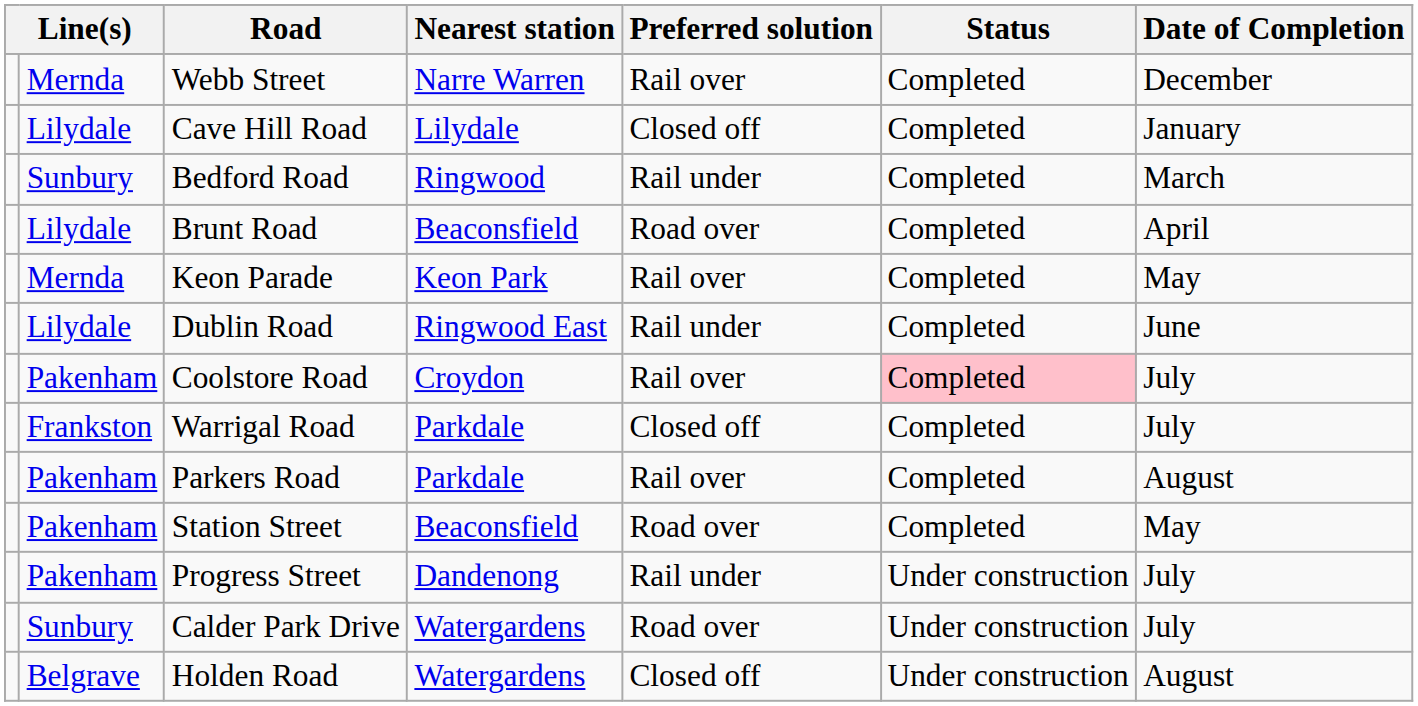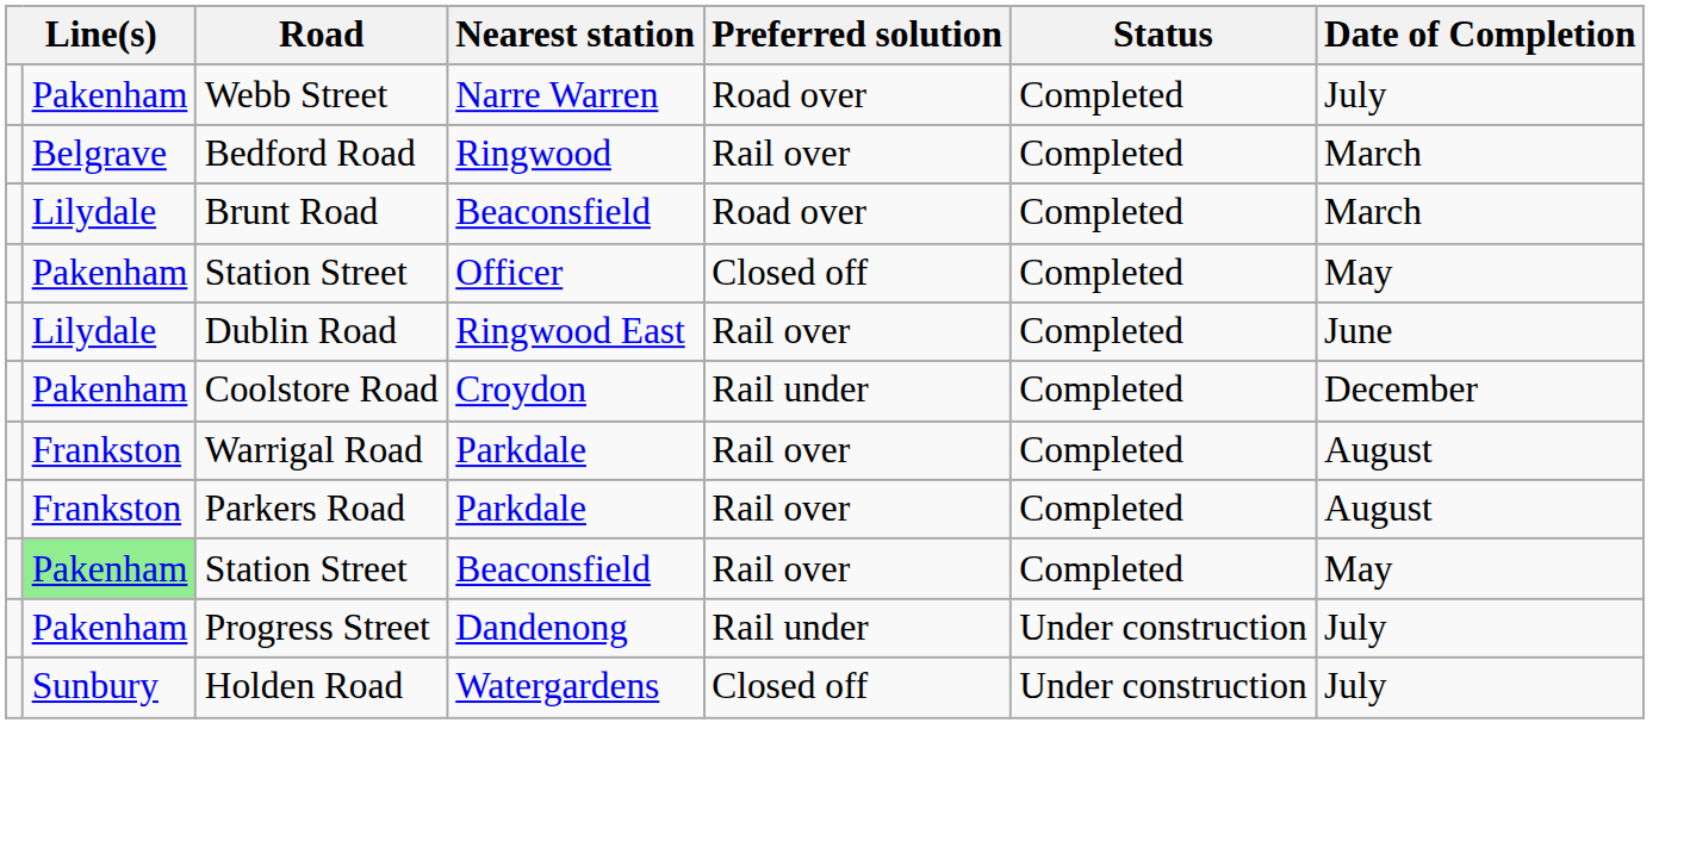 <table class="wikitable sortable">
 <tr>
 <th colspan="2">Line(s)</th>
 <th>Road</th>
 <th>Nearest station</th>
 <th>Preferred solution</th>
 <th>Status</th>
 <th>Date of Completion</th>
 </tr>
 <tr>
 <td style="background-color:#"></td>
-<td><a href='#'>Mernda</a></td>
+<td><a href='#'>Pakenham</a></td>
 <td>Webb Street</td>
 <td><a href='#'>Narre Warren</a></td>
-<td>Rail over</td>
+<td>Road over</td>
 <td>Completed</td>
-<td>December </td>
+<td>July </td>
 </tr>
 <tr>
 <td style="background-color:#"></td>
-<td><a href='#'>Lilydale</a></td>
-<td>Cave Hill Road</td>
-<td><a href='#'>Lilydale</a></td>
-<td>Closed off</td>
-<td>Completed</td>
-<td>January </td>
-</tr>
-<tr>
-<td style="background-color:#"></td>
-<td><a href='#'>Sunbury</a></td>
+<td><a href='#'>Belgrave</a></td>
 <td>Bedford Road</td>
 <td><a href='#'>Ringwood</a></td>
-<td>Rail under</td>
+<td>Rail over</td>
 <td>Completed</td>
 <td>March </td>
 </tr>
 <tr>
 <td style="background-color:#"></td>
 <td><a href='#'>Lilydale</a></td>
 <td>Brunt Road</td>
 <td><a href='#'>Beaconsfield</a></td>
 <td>Road over</td>
 <td>Completed</td>
-<td>April </td>
+<td>March </td>
 </tr>
 <tr>
 <td style="background-color:#"></td>
-<td><a href='#'>Mernda</a></td>
-<td>Keon Parade</td>
-<td><a href='#'>Keon Park</a></td>
-<td>Rail over</td>
+<td><a href='#'>Pakenham</a></td>
+<td>Station Street</td>
+<td><a href='#'>Officer</a></td>
+<td>Closed off</td>
 <td>Completed</td>
 <td>May </td>
 </tr>
 <tr>
 <td style="background-color:#"></td>
 <td><a href='#'>Lilydale</a></td>
 <td>Dublin Road</td>
 <td><a href='#'>Ringwood East</a></td>
-<td>Rail under</td>
+<td>Rail over</td>
 <td>Completed</td>
 <td>June </td>
 </tr>
 <tr>
 <td style="background-color:#"></td>
 <td><a href='#'>Pakenham</a></td>
 <td>Coolstore Road</td>
 <td><a href='#'>Croydon</a></td>
-<td>Rail over</td>
-<td style="background: pink;">Completed</td>
-<td>July </td>
+<td>Rail under</td>
+<td>Completed</td>
+<td>December </td>
 </tr>
 <tr>
 <td style="background-color:#"></td>
 <td><a href='#'>Frankston</a></td>
 <td>Warrigal Road</td>
 <td><a href='#'>Parkdale</a></td>
-<td>Closed off</td>
+<td>Rail over</td>
 <td>Completed</td>
-<td>July </td>
+<td>August </td>
 </tr>
 <tr>
 <td style="background-color:#"></td>
-<td><a href='#'>Pakenham</a></td>
+<td><a href='#'>Frankston</a></td>
 <td>Parkers Road</td>
 <td><a href='#'>Parkdale</a></td>
 <td>Rail over</td>
 <td>Completed</td>
 <td>August </td>
 </tr>
 <tr>
 <td style="background-color:#"></td>
-<td><a href='#'>Pakenham</a></td>
+<td style="background: lightgreen;"><a href='#'>Pakenham</a></td>
 <td>Station Street</td>
 <td><a href='#'>Beaconsfield</a></td>
-<td>Road over</td>
+<td>Rail over</td>
 <td>Completed</td>
 <td>May </td>
 </tr>
 <tr>
 <td style="background-color:#"></td>
 <td><a href='#'>Pakenham</a></td>
 <td>Progress Street</td>
 <td><a href='#'>Dandenong</a></td>
 <td>Rail under</td>
 <td>Under construction</td>
 <td>July </td>
 </tr>
 <tr>
 <td style="background-color:#"></td>
 <td><a href='#'>Sunbury</a></td>
-<td>Calder Park Drive</td>
-<td><a href='#'>Watergardens</a></td>
-<td>Road over</td>
-<td>Under construction</td>
-<td>July </td>
-</tr>
-<tr>
-<td style="background-color:#"></td>
-<td><a href='#'>Belgrave</a></td>
 <td>Holden Road</td>
 <td><a href='#'>Watergardens</a></td>
 <td>Closed off</td>
 <td>Under construction</td>
-<td>August </td>
+<td>July </td>
 </tr>
 </table>
